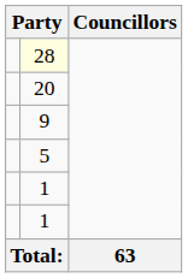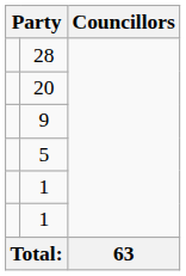 <table class="wikitable">
 <tr>
 <th colspan="2">Party</th>
 <th>Councillors</th>
 </tr>
 <tr>
 <td></td>
-<td align=center style="background: lightyellow;">28</td>
+<td align=center>28</td>
 </tr>
 <tr>
 <td></td>
 <td align=center>20</td>
 </tr>
 <tr>
 <td></td>
 <td align=center>9</td>
 </tr>
 <tr>
 <td></td>
 <td align=center>5</td>
 </tr>
 <tr>
 <td></td>
 <td align=center>1</td>
 </tr>
 <tr>
 <td></td>
 <td align=center>1</td>
 </tr>
 <tr>
 <th colspan="2">Total:</th>
 <th>63</th>
 </tr>
 </table>
